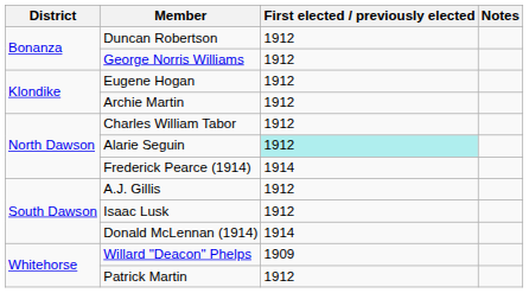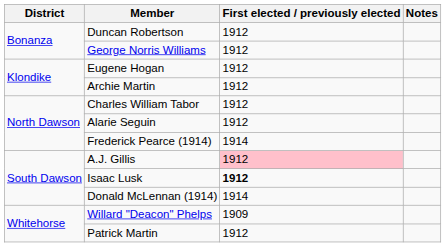 <table class="wikitable sortable">
 <tr>
 <th>District</th>
 <th>Member</th>
 <th>First elected / previously elected</th>
 <th>Notes</th>
 </tr>
 <tr>
 <td rowspan="2"><a href='#'>Bonanza</a></td>
 <td>Duncan Robertson</td>
 <td>1912</td>
 <td></td>
 </tr>
 <tr>
 <td><a href='#'>George Norris Williams</a></td>
 <td>1912</td>
 <td></td>
 </tr>
 <tr>
 <td rowspan="2"><a href='#'>Klondike</a></td>
 <td>Eugene Hogan</td>
 <td>1912</td>
 <td></td>
 </tr>
 <tr>
 <td>Archie Martin</td>
 <td>1912</td>
 <td></td>
 </tr>
 <tr>
 <td rowspan="3"><a href='#'>North Dawson</a></td>
 <td>Charles William Tabor</td>
 <td>1912</td>
 <td></td>
 </tr>
 <tr>
 <td>Alarie Seguin</td>
-<td style="background: paleturquoise;">1912</td>
+<td>1912</td>
 <td></td>
 </tr>
 <tr>
 <td>Frederick Pearce (1914)</td>
 <td>1914</td>
 <td></td>
 </tr>
 <tr>
 <td rowspan="3"><a href='#'>South Dawson</a></td>
 <td>A.J. Gillis</td>
-<td>1912</td>
+<td style="background: pink;">1912</td>
 <td></td>
 </tr>
 <tr>
 <td>Isaac Lusk</td>
-<td>1912</td>
+<td><strong>1912</strong></td>
 <td></td>
 </tr>
 <tr>
 <td>Donald McLennan (1914)</td>
 <td>1914</td>
 <td></td>
 </tr>
 <tr>
 <td rowspan="2"><a href='#'>Whitehorse</a></td>
 <td><a href='#'>Willard "Deacon" Phelps</a></td>
 <td>1909</td>
 <td></td>
 </tr>
 <tr>
 <td>Patrick Martin</td>
 <td>1912</td>
 <td></td>
 </tr>
 </table>
